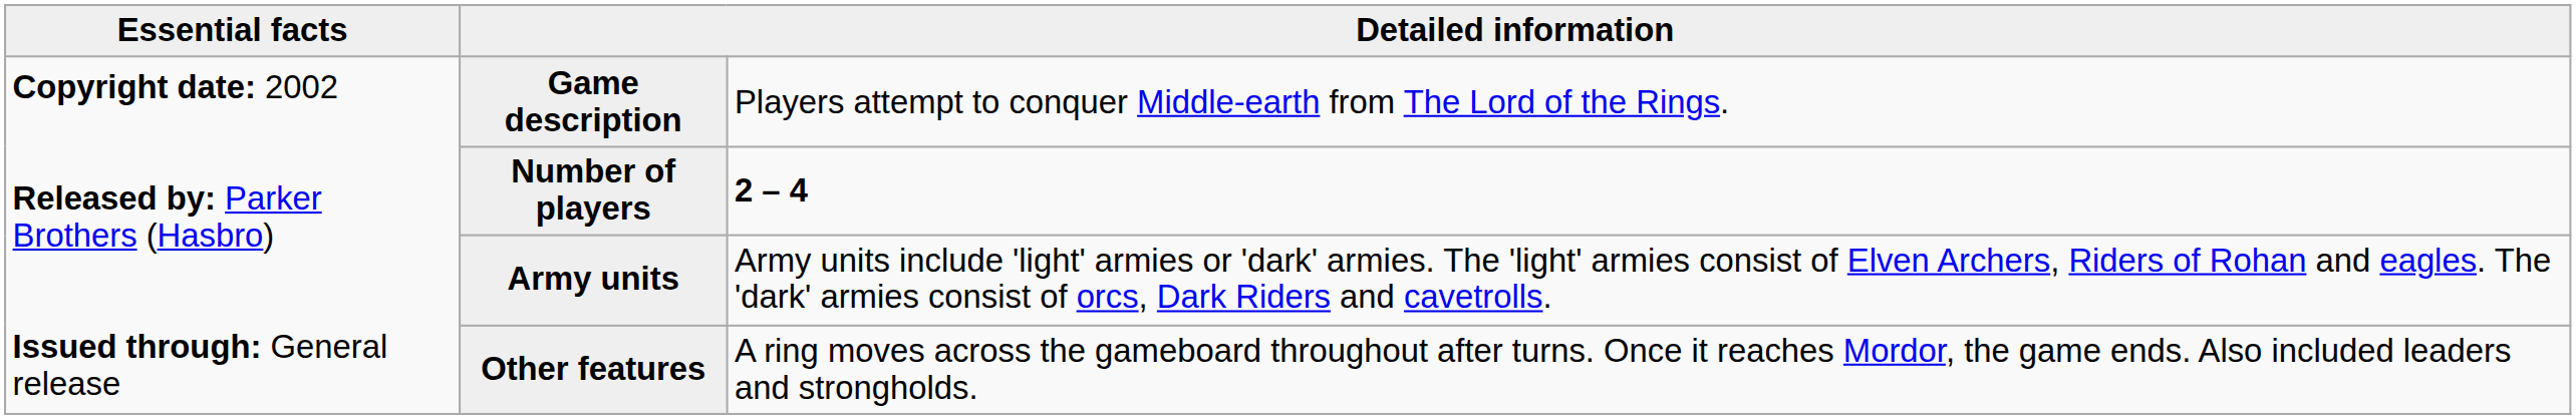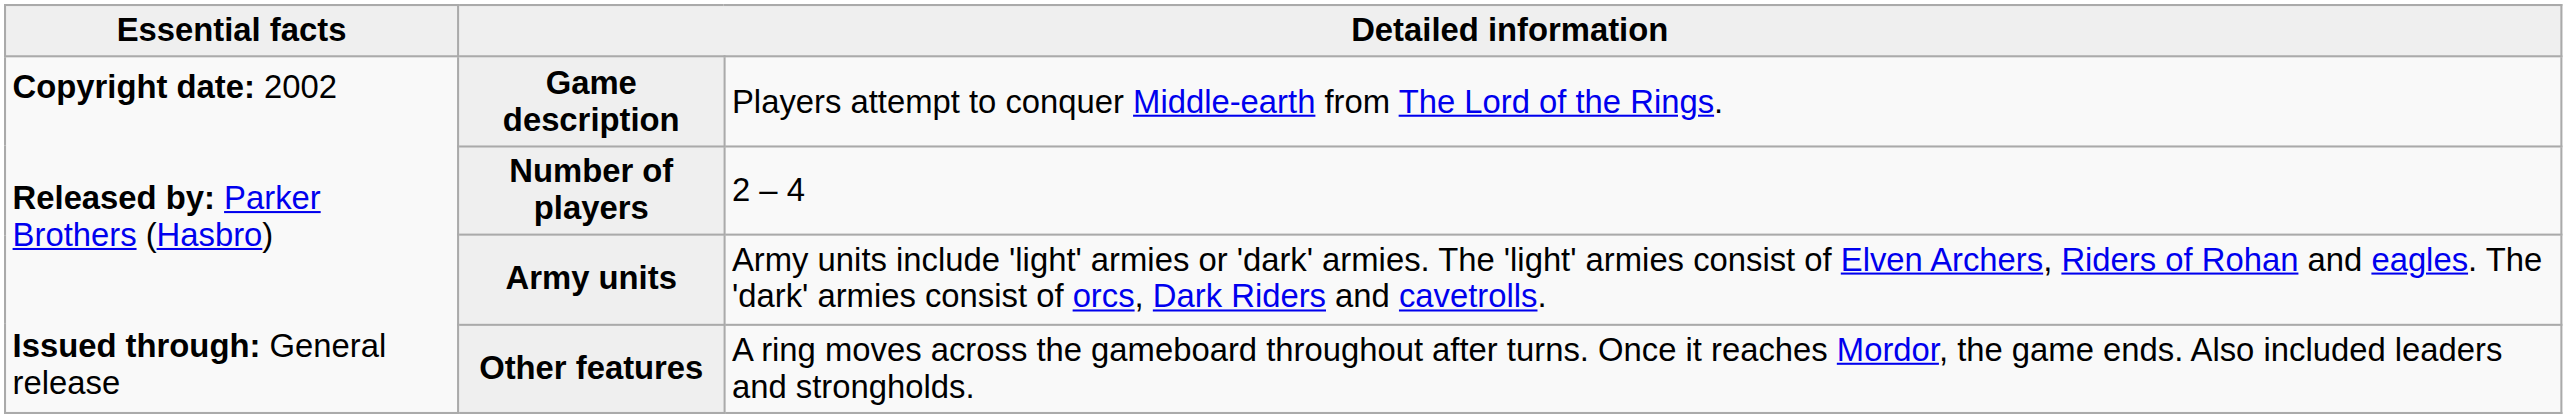 <table class="wikitable">
 <tr>
 <th style="background:#efefef;">Essential facts</th>
 <th style="background:#efefef;" colspan=2>Detailed information</th>
 </tr>
 <tr>
 <td rowspan=4><strong>Copyright date:</strong> 2002<br><br><br> <strong>Released by:</strong> <a href='#'>Parker Brothers</a> (<a href='#'>Hasbro</a>) <br><br><br> <strong>Issued through:</strong> General release</td>
 <th style="background:#efefef;">Game description</th>
 <td>Players attempt to conquer <a href='#'>Middle-earth</a> from <a href='#'>The Lord of the Rings</a>.</td>
 </tr>
 <tr>
 <th style="background:#efefef;">Number of players</th>
-<td><strong>2 – 4</strong></td>
+<td>2 – 4</td>
 </tr>
 <tr>
 <th style="background:#efefef;">Army units</th>
 <td>Army units include 'light' armies or 'dark' armies. The 'light' armies consist of <a href='#'>Elven Archers</a>, <a href='#'>Riders of Rohan</a> and <a href='#'>eagles</a>. The 'dark' armies consist of <a href='#'>orcs</a>, <a href='#'>Dark Riders</a> and <a href='#'>cavetrolls</a>.</td>
 </tr>
 <tr>
 <th style="background:#efefef;">Other features</th>
 <td>A ring moves across the gameboard throughout after turns. Once it reaches <a href='#'>Mordor</a>, the game ends. Also included leaders and strongholds.</td>
 </tr>
 </table>
